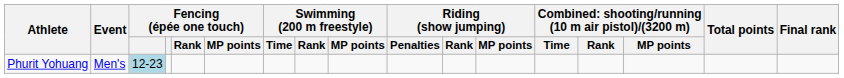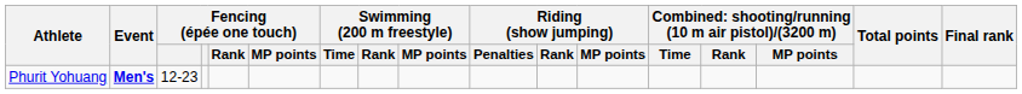 <table class="wikitable" style="font-size:90%">
 <tr>
 <th rowspan="2">Athlete</th>
 <th rowspan="2">Event</th>
 <th colspan=4>Fencing<br><span>(épée one touch)</span></th>
 <th colspan=3>Swimming<br><span>(200 m freestyle)</span></th>
 <th colspan=3>Riding<br><span>(show jumping)</span></th>
 <th colspan=3>Combined: shooting/running<br><span>(10 m air pistol)/(3200 m)</span></th>
 <th rowspan=2>Total points</th>
 <th rowspan=2>Final rank</th>
 </tr>
 <tr style="font-size:95%">
 <th></th>
 <th></th>
 <th>Rank</th>
 <th>MP points</th>
 <th>Time</th>
 <th>Rank</th>
 <th>MP points</th>
 <th>Penalties</th>
 <th>Rank</th>
 <th>MP points</th>
 <th>Time</th>
 <th>Rank</th>
 <th>MP points</th>
 </tr>
 <tr align=center>
 <td align=left><a href='#'>Phurit Yohuang</a></td>
-<td align=left><a href='#'>Men's</a></td>
-<td style="background: lightblue;">12-23</td>
+<td align=left><strong><a href='#'>Men's</a></strong></td>
+<td>12-23</td>
 <td></td>
 <td></td>
 <td></td>
 <td></td>
 <td></td>
 <td></td>
 <td></td>
 <td></td>
 <td></td>
 <td></td>
 <td></td>
 <td></td>
 <td></td>
 <td></td>
 </tr>
 </table>
